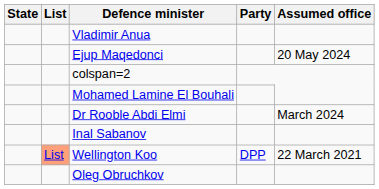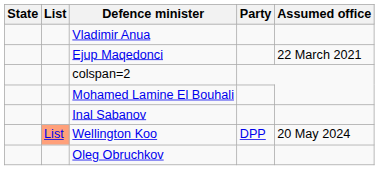 <table class="sortable wikitable">
 <tr style="background:#ccc;">
 <th>State</th>
 <th>List</th>
 <th>Defence minister</th>
 <th>Party</th>
 <th>Assumed office</th>
 </tr>
 <tr>
 <td></td>
 <td></td>
 <td><a href='#'>Vladimir Anua</a></td>
 <td></td>
 </tr>
 <tr>
 <td></td>
 <td></td>
 <td><a href='#'>Ejup Maqedonci</a></td>
 <td></td>
-<td>20 May 2024</td>
+<td>22 March 2021</td>
 </tr>
 <tr>
 <td></td>
 <td></td>
 <td>colspan=2 </td>
 </tr>
 <tr>
 <td></td>
 <td></td>
 <td><a href='#'>Mohamed Lamine El Bouhali</a></td>
 <td></td>
 </tr>
 <tr>
 <td></td>
 <td></td>
-<td><a href='#'>Dr Rooble Abdi Elmi</a></td>
-<td></td>
-<td>March 2024</td>
-</tr>
-<tr>
-<td></td>
-<td></td>
 <td><a href='#'>Inal Sabanov</a></td>
 <td></td>
 <td></td>
 </tr>
 <tr>
 <td></td>
 <td style="background: lightsalmon;"><a href='#'>List</a></td>
 <td><a href='#'>Wellington Koo</a></td>
 <td><a href='#'>DPP</a></td>
-<td>22 March 2021</td>
+<td>20 May 2024</td>
 </tr>
 <tr>
 <td></td>
 <td></td>
 <td><a href='#'>Oleg Obruchkov</a></td>
 <td></td>
 </tr>
 </table>
